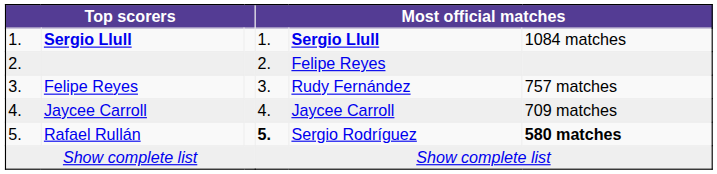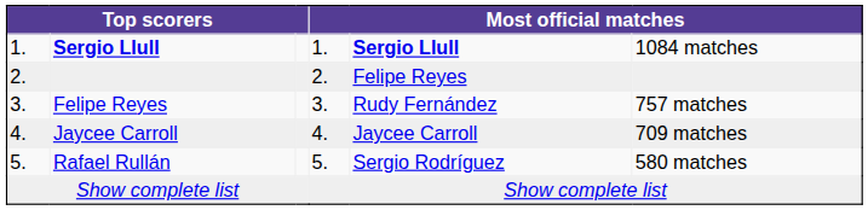 <table class="unsortable" border=1 width=50% cellpadding="2" cellspacing="0" style="background: #f9f9f9; border: 1px solid; border-collapse: collapse; font-size: 90%; text-align: left; margin:auto;">
 <tr align=center style="background:#543C94" "color:white;">
 <th colspan="3" style="color:white"><strong>   Top scorers   </strong></th>
 <th colspan="3" style="color:white"><strong>Most official matches</strong></th>
 </tr>
 <tr>
 <td>1.</td>
 <td> <strong><a href='#'>Sergio Llull</a></strong></td>
 <td></td>
 <td>1.</td>
 <td> <strong><a href='#'>Sergio Llull</a></strong></td>
 <td>1084 matches</td>
 </tr>
 <tr bgcolor="EFEFEF">
 <td>2.</td>
 <td></td>
 <td></td>
 <td>2.</td>
 <td> <a href='#'>Felipe Reyes</a></td>
 <td></td>
 </tr>
 <tr>
 <td>3.</td>
 <td> <a href='#'>Felipe Reyes</a></td>
 <td></td>
 <td>3.</td>
 <td> <a href='#'>Rudy Fernández</a></td>
 <td>757 matches</td>
 </tr>
 <tr bgcolor="EFEFEF">
 <td>4.</td>
 <td>  <a href='#'>Jaycee Carroll</a></td>
 <td></td>
 <td>4.</td>
 <td>  <a href='#'>Jaycee Carroll</a></td>
 <td>709 matches</td>
 </tr>
 <tr>
 <td>5.</td>
 <td> <a href='#'>Rafael Rullán</a></td>
 <td></td>
-<td><strong>5.</strong></td>
+<td>5.</td>
 <td> <a href='#'>Sergio Rodríguez</a></td>
-<td><strong>580 matches</strong></td>
+<td>580 matches</td>
 </tr>
 <tr bgcolor="EFEFEF" align="center">
 <td colspan="3"><em><a href='#'>Show complete list</a></em></td>
 <td colspan="3"><em><a href='#'>Show complete list</a></em></td>
 </tr>
 </table>
